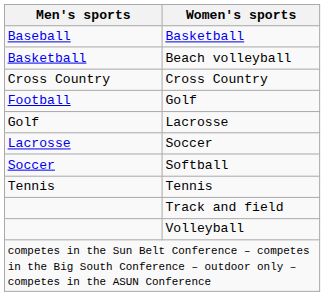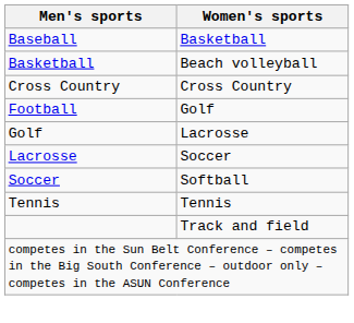 <table class= wikitable>
 <tr>
 <th width=150px>Men's sports</th>
 <th width=150px>Women's sports</th>
 </tr>
 <tr>
 <td><a href='#'>Baseball</a></td>
 <td><a href='#'>Basketball</a></td>
 </tr>
 <tr>
 <td><a href='#'>Basketball</a></td>
 <td>Beach volleyball</td>
 </tr>
 <tr>
 <td>Cross Country</td>
 <td>Cross Country</td>
 </tr>
 <tr>
 <td><a href='#'>Football</a></td>
 <td>Golf</td>
 </tr>
 <tr>
 <td>Golf</td>
 <td>Lacrosse</td>
 </tr>
 <tr>
 <td><a href='#'>Lacrosse</a></td>
 <td>Soccer</td>
 </tr>
 <tr>
 <td><a href='#'>Soccer</a></td>
 <td>Softball</td>
 </tr>
 <tr>
 <td>Tennis</td>
 <td>Tennis</td>
 </tr>
 <tr>
 <td></td>
 <td>Track and field</td>
 </tr>
 <tr>
-<td></td>
-<td>Volleyball</td>
-</tr>
-<tr>
 <td colspan=2><small>competes in the Sun Belt Conference – competes in the Big South Conference – outdoor only – competes in the ASUN Conference</small></td>
 </tr>
 </table>
